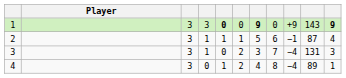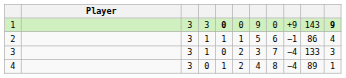 <table class="wikitable" style="text-align:center; margin: 1em auto 1em auto, align:left">
 <tr>
 <th width=20></th>
 <th width=240>Player</th>
 <th width=20></th>
 <th width=20></th>
 <th width=20></th>
 <th width=20></th>
 <th width=20></th>
 <th width=20></th>
 <th width=20></th>
 <th width=30></th>
 <th width=20></th>
 </tr>
 <tr style="background:#D0F0C0;">
 <td>1</td>
 <td align=left></td>
 <td>3</td>
 <td>3</td>
 <td><strong>0</strong></td>
 <td>0</td>
-<td><strong>9</strong></td>
+<td>9</td>
 <td>0</td>
 <td>+9</td>
 <td>143</td>
 <td><strong>9</strong></td>
 </tr>
 <tr style=>
 <td>2</td>
 <td align=left></td>
 <td>3</td>
 <td>1</td>
 <td>1</td>
 <td>1</td>
 <td>5</td>
 <td>6</td>
 <td>−1</td>
-<td>87</td>
+<td>86</td>
 <td>4</td>
 </tr>
 <tr style=>
 <td>3</td>
 <td align=left></td>
 <td>3</td>
 <td>1</td>
 <td>0</td>
 <td>2</td>
 <td>3</td>
 <td>7</td>
 <td>−4</td>
-<td>131</td>
+<td>133</td>
 <td>3</td>
 </tr>
 <tr style=>
 <td>4</td>
 <td align=left></td>
 <td>3</td>
 <td>0</td>
 <td>1</td>
 <td>2</td>
 <td>4</td>
 <td>8</td>
 <td>−4</td>
 <td>89</td>
 <td>1</td>
 </tr>
 </table>
